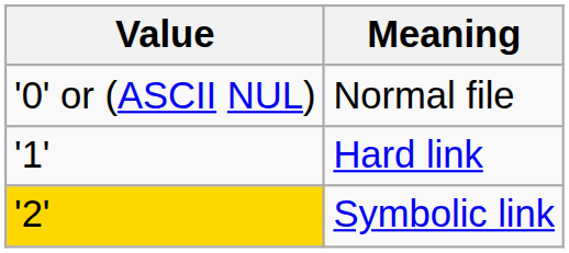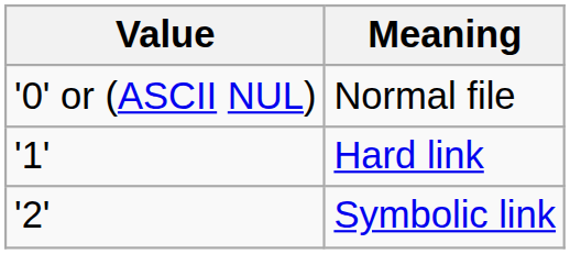 <table class="wikitable">
 <tr>
 <th>Value</th>
 <th>Meaning</th>
 </tr>
 <tr>
 <td>'0' or (<a href='#'>ASCII</a> <a href='#'>NUL</a>)</td>
 <td>Normal file</td>
 </tr>
 <tr>
 <td>'1'</td>
 <td><a href='#'>Hard link</a></td>
 </tr>
 <tr>
-<td style="background: gold;">'2'</td>
+<td>'2'</td>
 <td><a href='#'>Symbolic link</a></td>
 </tr>
 </table>
